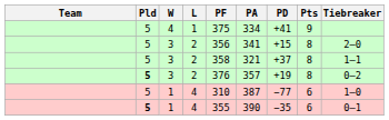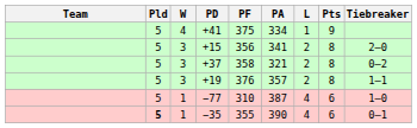 <table class="wikitable" style="text-align:center;">
 <tr>
 <th width=170>Team</th>
 <th width=25>Pld</th>
 <th width=25>W</th>
-<th width=25>L</th>
+<th width=35>PD</th>
 <th width=35>PF</th>
 <th width=35>PA</th>
-<th width=35>PD</th>
+<th width=25>L</th>
 <th width=25>Pts</th>
 <th width=50>Tiebreaker</th>
 </tr>
 <tr style="background:#ccffcc">
 <td style="text-align:left"></td>
 <td>5</td>
 <td>4</td>
-<td>1</td>
+<td>+41</td>
 <td>375</td>
 <td>334</td>
-<td>+41</td>
+<td>1</td>
 <td>9</td>
 <td></td>
 </tr>
 <tr style="background:#ccffcc">
 <td style="text-align:left"></td>
 <td>5</td>
 <td>3</td>
-<td>2</td>
+<td>+15</td>
 <td>356</td>
 <td>341</td>
-<td>+15</td>
+<td>2</td>
 <td>8</td>
 <td>2–0</td>
 </tr>
 <tr style="background:#ccffcc">
 <td style="text-align:left"></td>
 <td>5</td>
 <td>3</td>
-<td>2</td>
+<td>+37</td>
 <td>358</td>
 <td>321</td>
-<td>+37</td>
+<td>2</td>
 <td>8</td>
-<td>1–1</td>
+<td>0–2</td>
 </tr>
 <tr style="background:#ccffcc">
 <td style="text-align:left"></td>
-<td><strong>5</strong></td>
+<td>5</td>
 <td>3</td>
-<td>2</td>
+<td>+19</td>
 <td>376</td>
 <td>357</td>
-<td>+19</td>
+<td>2</td>
 <td>8</td>
-<td>0–2</td>
+<td>1–1</td>
 </tr>
 <tr style="background:#ffcccc">
 <td style="text-align:left"></td>
 <td>5</td>
 <td>1</td>
-<td>4</td>
+<td>−77</td>
 <td>310</td>
 <td>387</td>
-<td>−77</td>
+<td>4</td>
 <td>6</td>
 <td>1–0</td>
 </tr>
 <tr style="background:#ffcccc">
 <td style="text-align:left"></td>
 <td><strong>5</strong></td>
 <td>1</td>
-<td>4</td>
+<td>−35</td>
 <td>355</td>
 <td>390</td>
-<td>−35</td>
+<td>4</td>
 <td>6</td>
 <td>0–1</td>
 </tr>
 </table>
